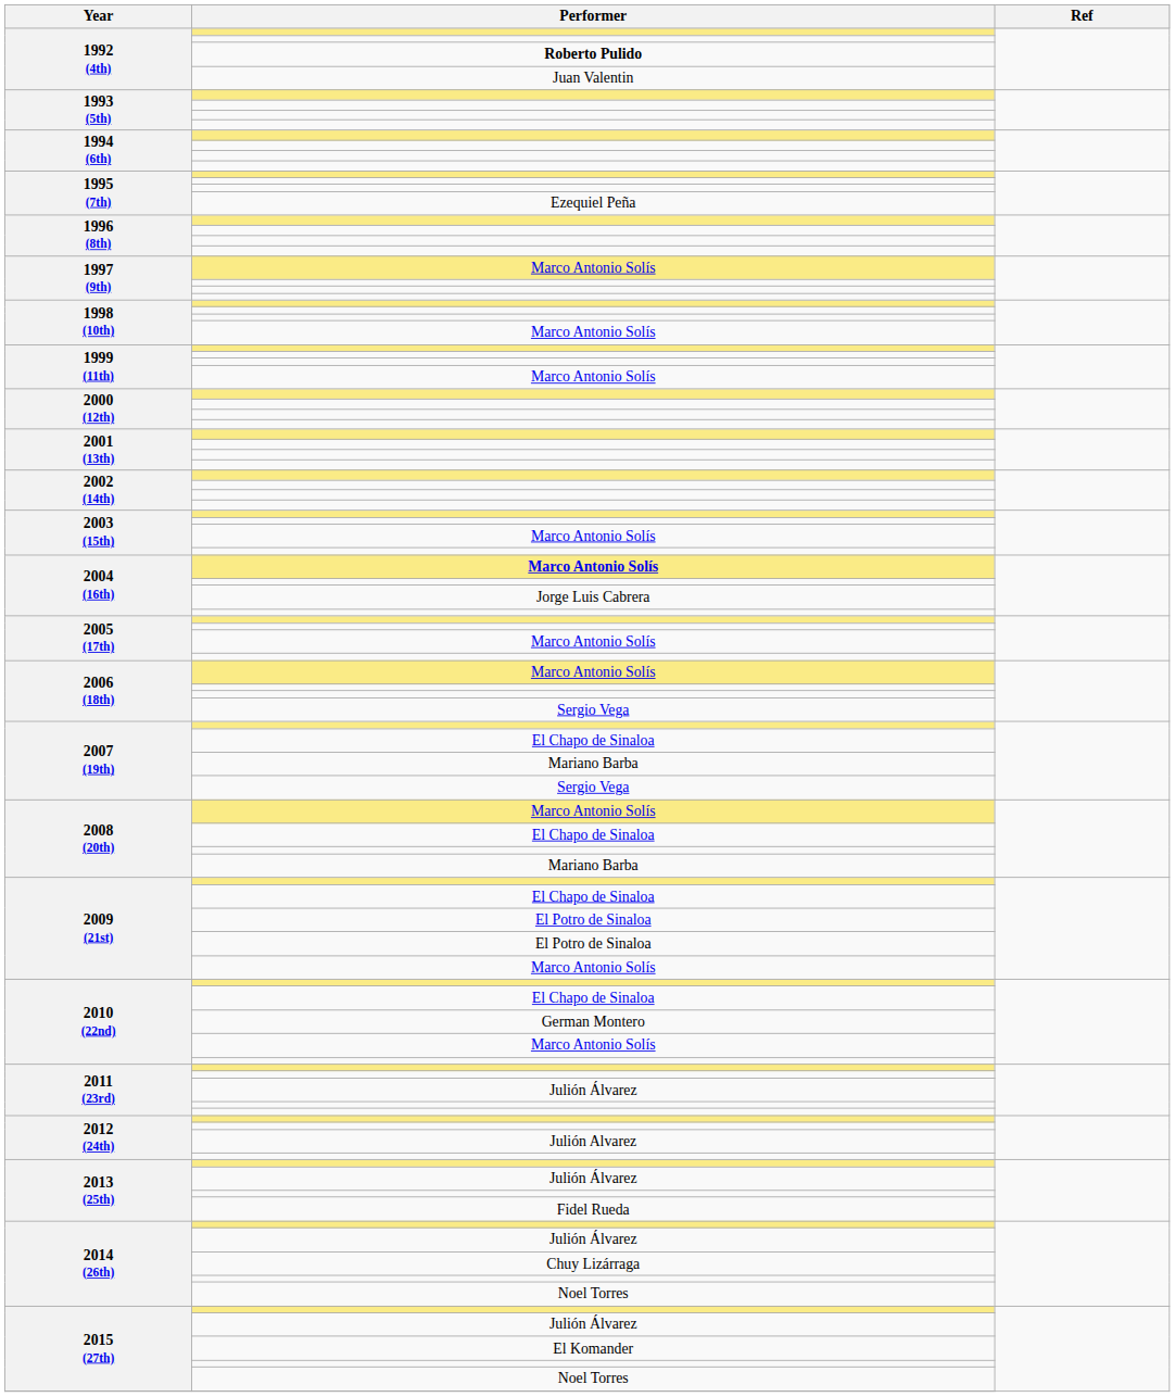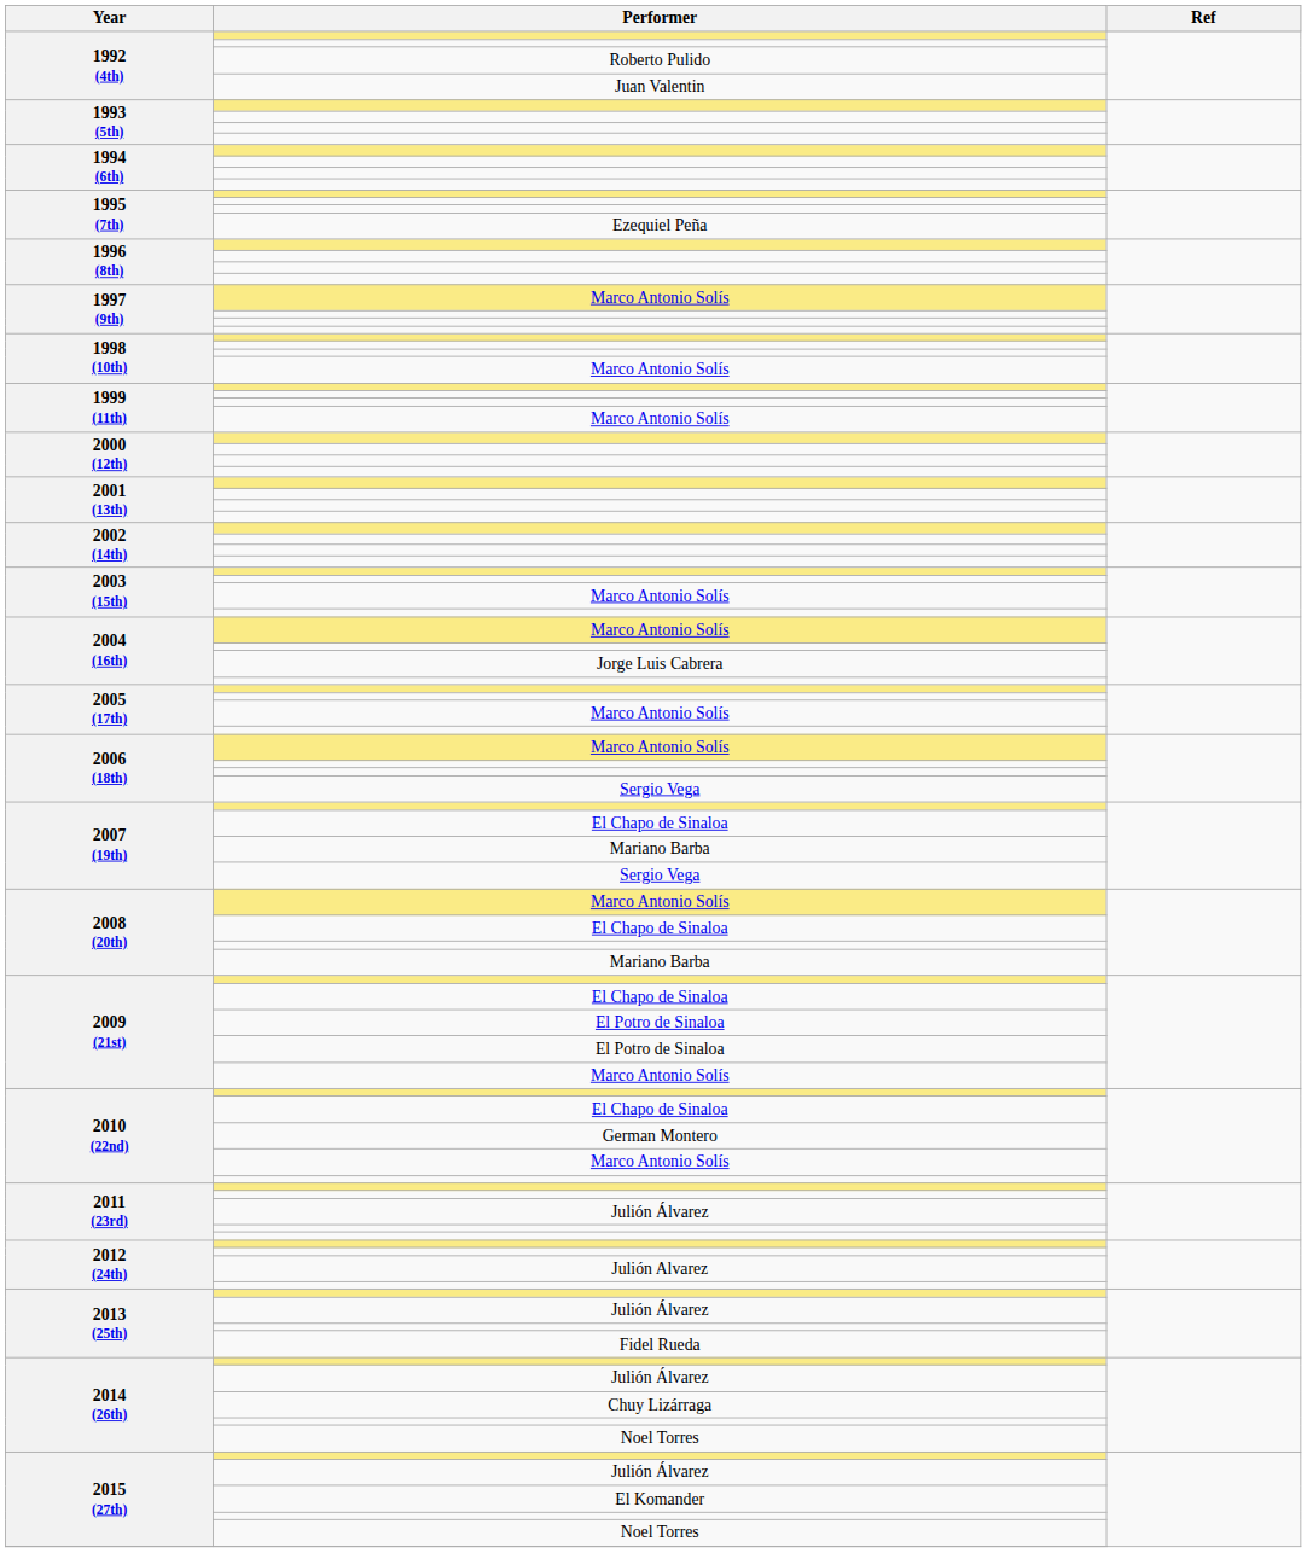 <table class="wikitable sortable" style="text-align:center;">
 <tr style="background:#bebebe;">
 <th scope="col" style="width:1%;">Year</th>
 <th scope="col" style="width:5%;">Performer</th>
 <th scope="col" style="width:1%;" class="unsortable">Ref</th>
 </tr>
 <tr>
 <th scope="row"  rowspan=4 style="text-align:center">1992 <br><small><a href='#'>(4th)</a></small></th>
 <td style="background:#FAEB86"></td>
 <td rowspan=4></td>
 </tr>
 <tr>
 <td></td>
 </tr>
 <tr>
-<td><strong>Roberto Pulido</strong></td>
+<td>Roberto Pulido</td>
 </tr>
 <tr>
 <td>Juan Valentin</td>
 </tr>
 <tr>
 <th scope="row" rowspan=4 style="text-align:center">1993 <br><small><a href='#'>(5th)</a></small></th>
 <td style="background:#FAEB86"></td>
 <td rowspan=4></td>
 </tr>
 <tr>
 <td></td>
 </tr>
 <tr>
 <td></td>
 </tr>
 <tr>
 <td></td>
 </tr>
 <tr>
 <th scope="row" rowspan=4 style="text-align:center">1994 <br><small><a href='#'>(6th)</a></small></th>
 <td style="background:#FAEB86"></td>
 <td rowspan=4></td>
 </tr>
 <tr>
 <td></td>
 </tr>
 <tr>
 <td></td>
 </tr>
 <tr>
 <td></td>
 </tr>
 <tr>
 <th scope="row"  rowspan=4 style="text-align:center">1995 <br><small><a href='#'>(7th)</a></small></th>
 <td style="background:#FAEB86"></td>
 <td rowspan=4></td>
 </tr>
 <tr>
 <td></td>
 </tr>
 <tr>
 <td></td>
 </tr>
 <tr>
 <td>Ezequiel Peña</td>
 </tr>
 <tr>
 <th scope="row"  rowspan=4 style="text-align:center">1996 <br><small><a href='#'>(8th)</a></small></th>
 <td style="background:#FAEB86"></td>
 <td rowspan=4></td>
 </tr>
 <tr>
 <td></td>
 </tr>
 <tr>
 <td></td>
 </tr>
 <tr>
 <td></td>
 </tr>
 <tr>
 <th scope="row"  rowspan=4 style="text-align:center">1997 <br><small><a href='#'>(9th)</a></small></th>
 <td style="background:#FAEB86"><a href='#'>Marco Antonio Solís</a></td>
 <td rowspan=4></td>
 </tr>
 <tr>
 <td></td>
 </tr>
 <tr>
 <td></td>
 </tr>
 <tr>
 <td></td>
 </tr>
 <tr>
 <th scope="row"  rowspan=4 style="text-align:center">1998 <br><small><a href='#'>(10th)</a></small></th>
 <td style="background:#FAEB86"></td>
 <td rowspan=4></td>
 </tr>
 <tr>
 <td></td>
 </tr>
 <tr>
 <td></td>
 </tr>
 <tr>
 <td><a href='#'>Marco Antonio Solís</a></td>
 </tr>
 <tr>
 <th scope="row"  rowspan=4 style="text-align:center">1999 <br><small><a href='#'>(11th)</a></small></th>
 <td style="background:#FAEB86"></td>
 <td rowspan=4></td>
 </tr>
 <tr>
 <td></td>
 </tr>
 <tr>
 <td></td>
 </tr>
 <tr>
 <td><a href='#'>Marco Antonio Solís</a></td>
 </tr>
 <tr>
 <th scope="row" rowspan=4 style="text-align:center">2000 <br><small><a href='#'>(12th)</a></small></th>
 <td style="background:#FAEB86"></td>
 <td rowspan=4></td>
 </tr>
 <tr>
 <td></td>
 </tr>
 <tr>
 <td></td>
 </tr>
 <tr>
 <td></td>
 </tr>
 <tr>
 <th scope="row" rowspan=4 style="text-align:center">2001 <br><small><a href='#'>(13th)</a></small></th>
 <td style="background:#FAEB86"></td>
 <td rowspan=4></td>
 </tr>
 <tr>
 <td></td>
 </tr>
 <tr>
 <td></td>
 </tr>
 <tr>
 <td></td>
 </tr>
 <tr>
 <th scope="row" rowspan=4 style="text-align:center">2002 <br><small><a href='#'>(14th)</a></small></th>
 <td style="background:#FAEB86"></td>
 <td rowspan=4></td>
 </tr>
 <tr>
 <td></td>
 </tr>
 <tr>
 <td></td>
 </tr>
 <tr>
 <td></td>
 </tr>
 <tr>
 <th scope="row" rowspan=4 style="text-align:center">2003 <br><small><a href='#'>(15th)</a></small></th>
 <td style="background:#FAEB86"></td>
 <td rowspan=4></td>
 </tr>
 <tr>
 <td></td>
 </tr>
 <tr>
 <td><a href='#'>Marco Antonio Solís</a></td>
 </tr>
 <tr>
 <td></td>
 </tr>
 <tr>
 <th scope="row" rowspan=4 style="text-align:center">2004 <br><small><a href='#'>(16th)</a></small></th>
-<td style="background:#FAEB86"><strong><a href='#'>Marco Antonio Solís</a></strong></td>
+<td style="background:#FAEB86"><a href='#'>Marco Antonio Solís</a></td>
 <td rowspan=4></td>
 </tr>
 <tr>
 <td></td>
 </tr>
 <tr>
 <td>Jorge Luis Cabrera</td>
 </tr>
 <tr>
 <td></td>
 </tr>
 <tr>
 <th scope="row" rowspan=4 style="text-align:center">2005 <br><small><a href='#'>(17th)</a></small></th>
 <td style="background:#FAEB86"></td>
 <td rowspan=4></td>
 </tr>
 <tr>
 <td></td>
 </tr>
 <tr>
 <td><a href='#'>Marco Antonio Solís</a></td>
 </tr>
 <tr>
 <td></td>
 </tr>
 <tr>
 <th scope="row" rowspan=4 style="text-align:center">2006 <br><small><a href='#'>(18th)</a></small></th>
 <td style="background:#FAEB86"><a href='#'>Marco Antonio Solís</a></td>
 <td rowspan=4></td>
 </tr>
 <tr>
 <td></td>
 </tr>
 <tr>
 <td></td>
 </tr>
 <tr>
 <td><a href='#'>Sergio Vega</a></td>
 </tr>
 <tr>
 <th scope="row" rowspan=4 style="text-align:center">2007 <br><small><a href='#'>(19th)</a></small></th>
 <td style="background:#FAEB86"></td>
 <td rowspan=4></td>
 </tr>
 <tr>
 <td><a href='#'>El Chapo de Sinaloa</a></td>
 </tr>
 <tr>
 <td>Mariano Barba</td>
 </tr>
 <tr>
 <td><a href='#'>Sergio Vega</a></td>
 </tr>
 <tr>
 <th scope="row" rowspan=4 style="text-align:center">2008 <br><small><a href='#'>(20th)</a></small></th>
 <td style="background:#FAEB86"><a href='#'>Marco Antonio Solís</a></td>
 <td rowspan=4></td>
 </tr>
 <tr>
 <td><a href='#'>El Chapo de Sinaloa</a></td>
 </tr>
 <tr>
 <td></td>
 </tr>
 <tr>
 <td>Mariano Barba</td>
 </tr>
 <tr>
 <th scope="row" rowspan=5 style="text-align:center">2009 <br><small><a href='#'>(21st)</a></small></th>
 <td style="background:#FAEB86"></td>
 <td rowspan=5></td>
 </tr>
 <tr>
 <td><a href='#'>El Chapo de Sinaloa</a></td>
 </tr>
 <tr>
 <td><a href='#'>El Potro de Sinaloa</a></td>
 </tr>
 <tr>
 <td>El Potro de Sinaloa</td>
 </tr>
 <tr>
 <td><a href='#'>Marco Antonio Solís</a></td>
 </tr>
 <tr>
 <th scope="row" rowspan=5 style="text-align:center">2010 <br><small><a href='#'>(22nd)</a></small></th>
 <td style="background:#FAEB86"></td>
 <td rowspan=5></td>
 </tr>
 <tr>
 <td><a href='#'>El Chapo de Sinaloa</a></td>
 </tr>
 <tr>
 <td>German Montero</td>
 </tr>
 <tr>
 <td><a href='#'>Marco Antonio Solís</a></td>
 </tr>
 <tr>
 <td></td>
 </tr>
 <tr>
 <th scope="row" rowspan=5 style="text-align:center">2011 <br><small><a href='#'>(23rd)</a></small></th>
 <td style="background:#FAEB86"></td>
 <td rowspan=5></td>
 </tr>
 <tr>
 <td></td>
 </tr>
 <tr>
 <td>Julión Álvarez</td>
 </tr>
 <tr>
 <td></td>
 </tr>
 <tr>
 <td></td>
 </tr>
 <tr>
 <th scope="row" rowspan=4 style="text-align:center">2012 <br><small><a href='#'>(24th)</a></small></th>
 <td style="background:#FAEB86"></td>
 <td rowspan=4></td>
 </tr>
 <tr>
 <td></td>
 </tr>
 <tr>
 <td>Julión Alvarez</td>
 </tr>
 <tr>
 <td></td>
 </tr>
 <tr>
 <th scope="row" rowspan=4 style="text-align:center">2013 <br><small><a href='#'>(25th)</a></small></th>
 <td style="background:#FAEB86"></td>
 <td rowspan=4></td>
 </tr>
 <tr>
 <td>Julión Álvarez</td>
 </tr>
 <tr>
 <td></td>
 </tr>
 <tr>
 <td>Fidel Rueda</td>
 </tr>
 <tr>
 <th scope="row" rowspan=5 style="text-align:center">2014 <br><small><a href='#'>(26th)</a></small></th>
 <td style="background:#FAEB86"></td>
 <td rowspan=5></td>
 </tr>
 <tr>
 <td>Julión Álvarez</td>
 </tr>
 <tr>
 <td>Chuy Lizárraga</td>
 </tr>
 <tr>
 <td></td>
 </tr>
 <tr>
 <td>Noel Torres</td>
 </tr>
 <tr>
 <th scope="row" rowspan=5 style="text-align:center">2015 <br><small><a href='#'>(27th)</a></small></th>
 <td style="background:#FAEB86"></td>
 <td rowspan=6></td>
 </tr>
 <tr>
 <td>Julión Álvarez</td>
 </tr>
 <tr>
 <td>El Komander</td>
 </tr>
 <tr>
 <td></td>
 </tr>
 <tr>
 <td>Noel Torres</td>
 </tr>
 <tr>
 </tr>
 </table>
